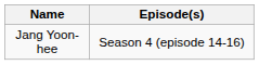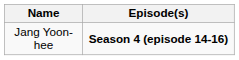 <table class="wikitable" style="text-align:center;">
 <tr>
 <th width=100>Name</th>
 <th width=200>Episode(s)</th>
 </tr>
 <tr>
 <td>Jang Yoon-hee</td>
-<td>Season 4 (episode 14-16)</td>
+<td><strong>Season 4 (episode 14-16)</strong></td>
 </tr>
 </table>
